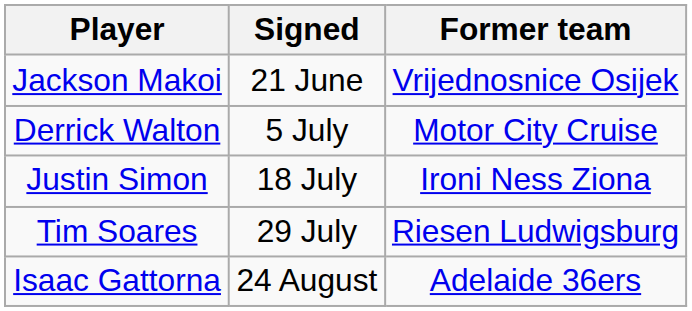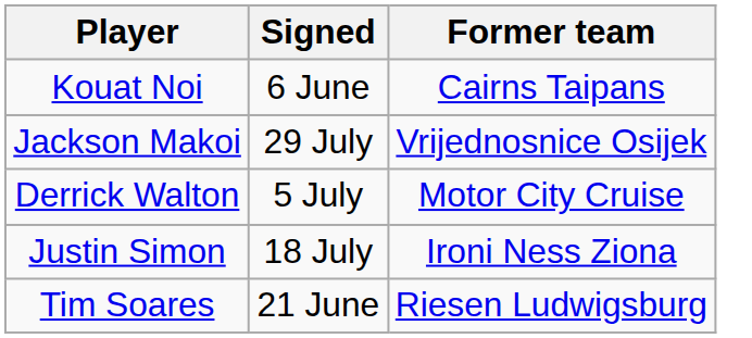 <table class="wikitable sortable sortable" style="text-align: center">
 <tr>
 <th>Player</th>
 <th>Signed</th>
 <th>Former team</th>
 </tr>
 <tr>
+<td><a href='#'>Kouat Noi</a></td>
+<td>6 June</td>
+<td><a href='#'>Cairns Taipans</a></td>
+</tr>
+<tr>
 <td><a href='#'>Jackson Makoi</a></td>
-<td>21 June</td>
+<td>29 July</td>
 <td><a href='#'>Vrijednosnice Osijek</a></td>
 </tr>
 <tr>
 <td><a href='#'>Derrick Walton</a></td>
 <td>5 July</td>
 <td><a href='#'>Motor City Cruise</a></td>
 </tr>
 <tr>
 <td><a href='#'>Justin Simon</a></td>
 <td>18 July</td>
 <td><a href='#'>Ironi Ness Ziona</a></td>
 </tr>
 <tr>
 <td><a href='#'>Tim Soares</a></td>
-<td>29 July</td>
+<td>21 June</td>
 <td><a href='#'>Riesen Ludwigsburg</a></td>
 </tr>
-<tr>
-<td><a href='#'>Isaac Gattorna</a></td>
-<td>24 August</td>
-<td><a href='#'>Adelaide 36ers</a></td>
-</tr>
 </table>
